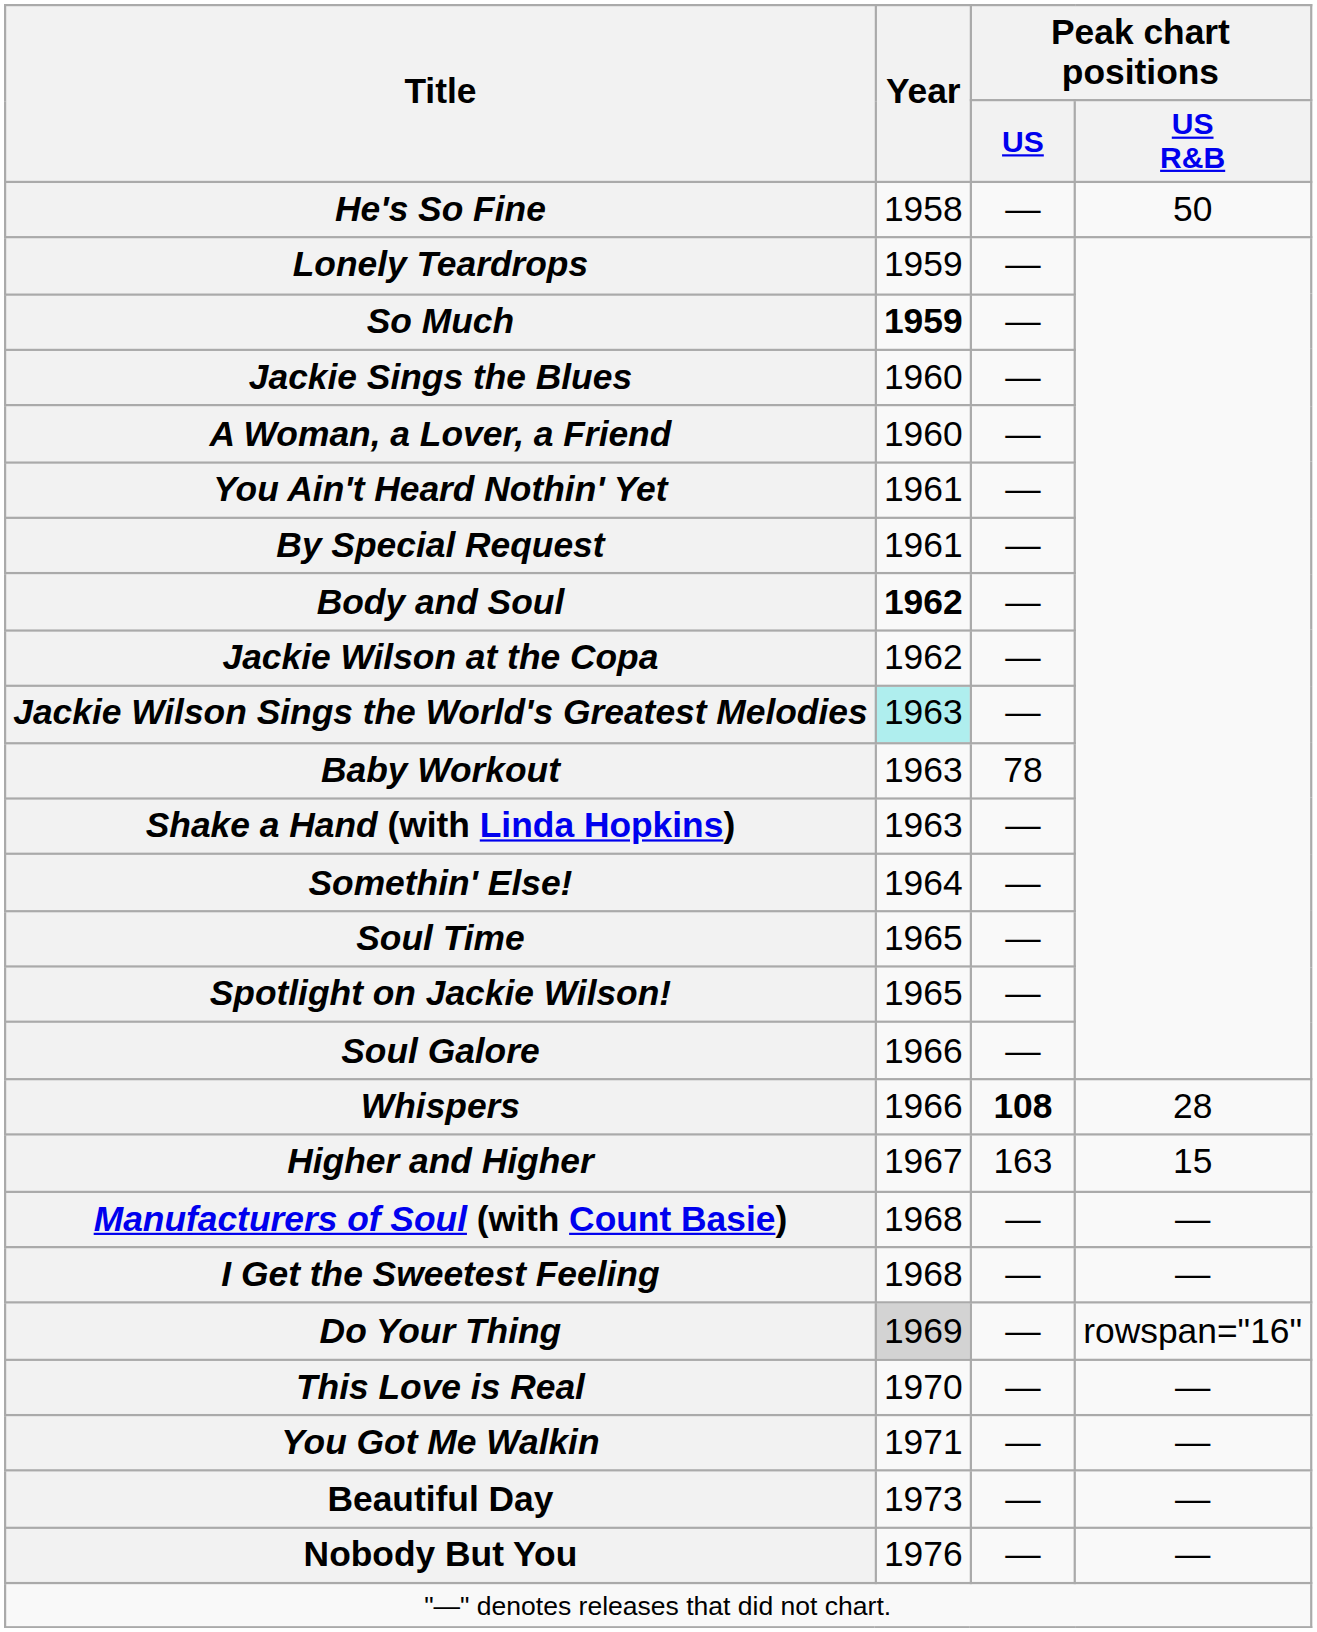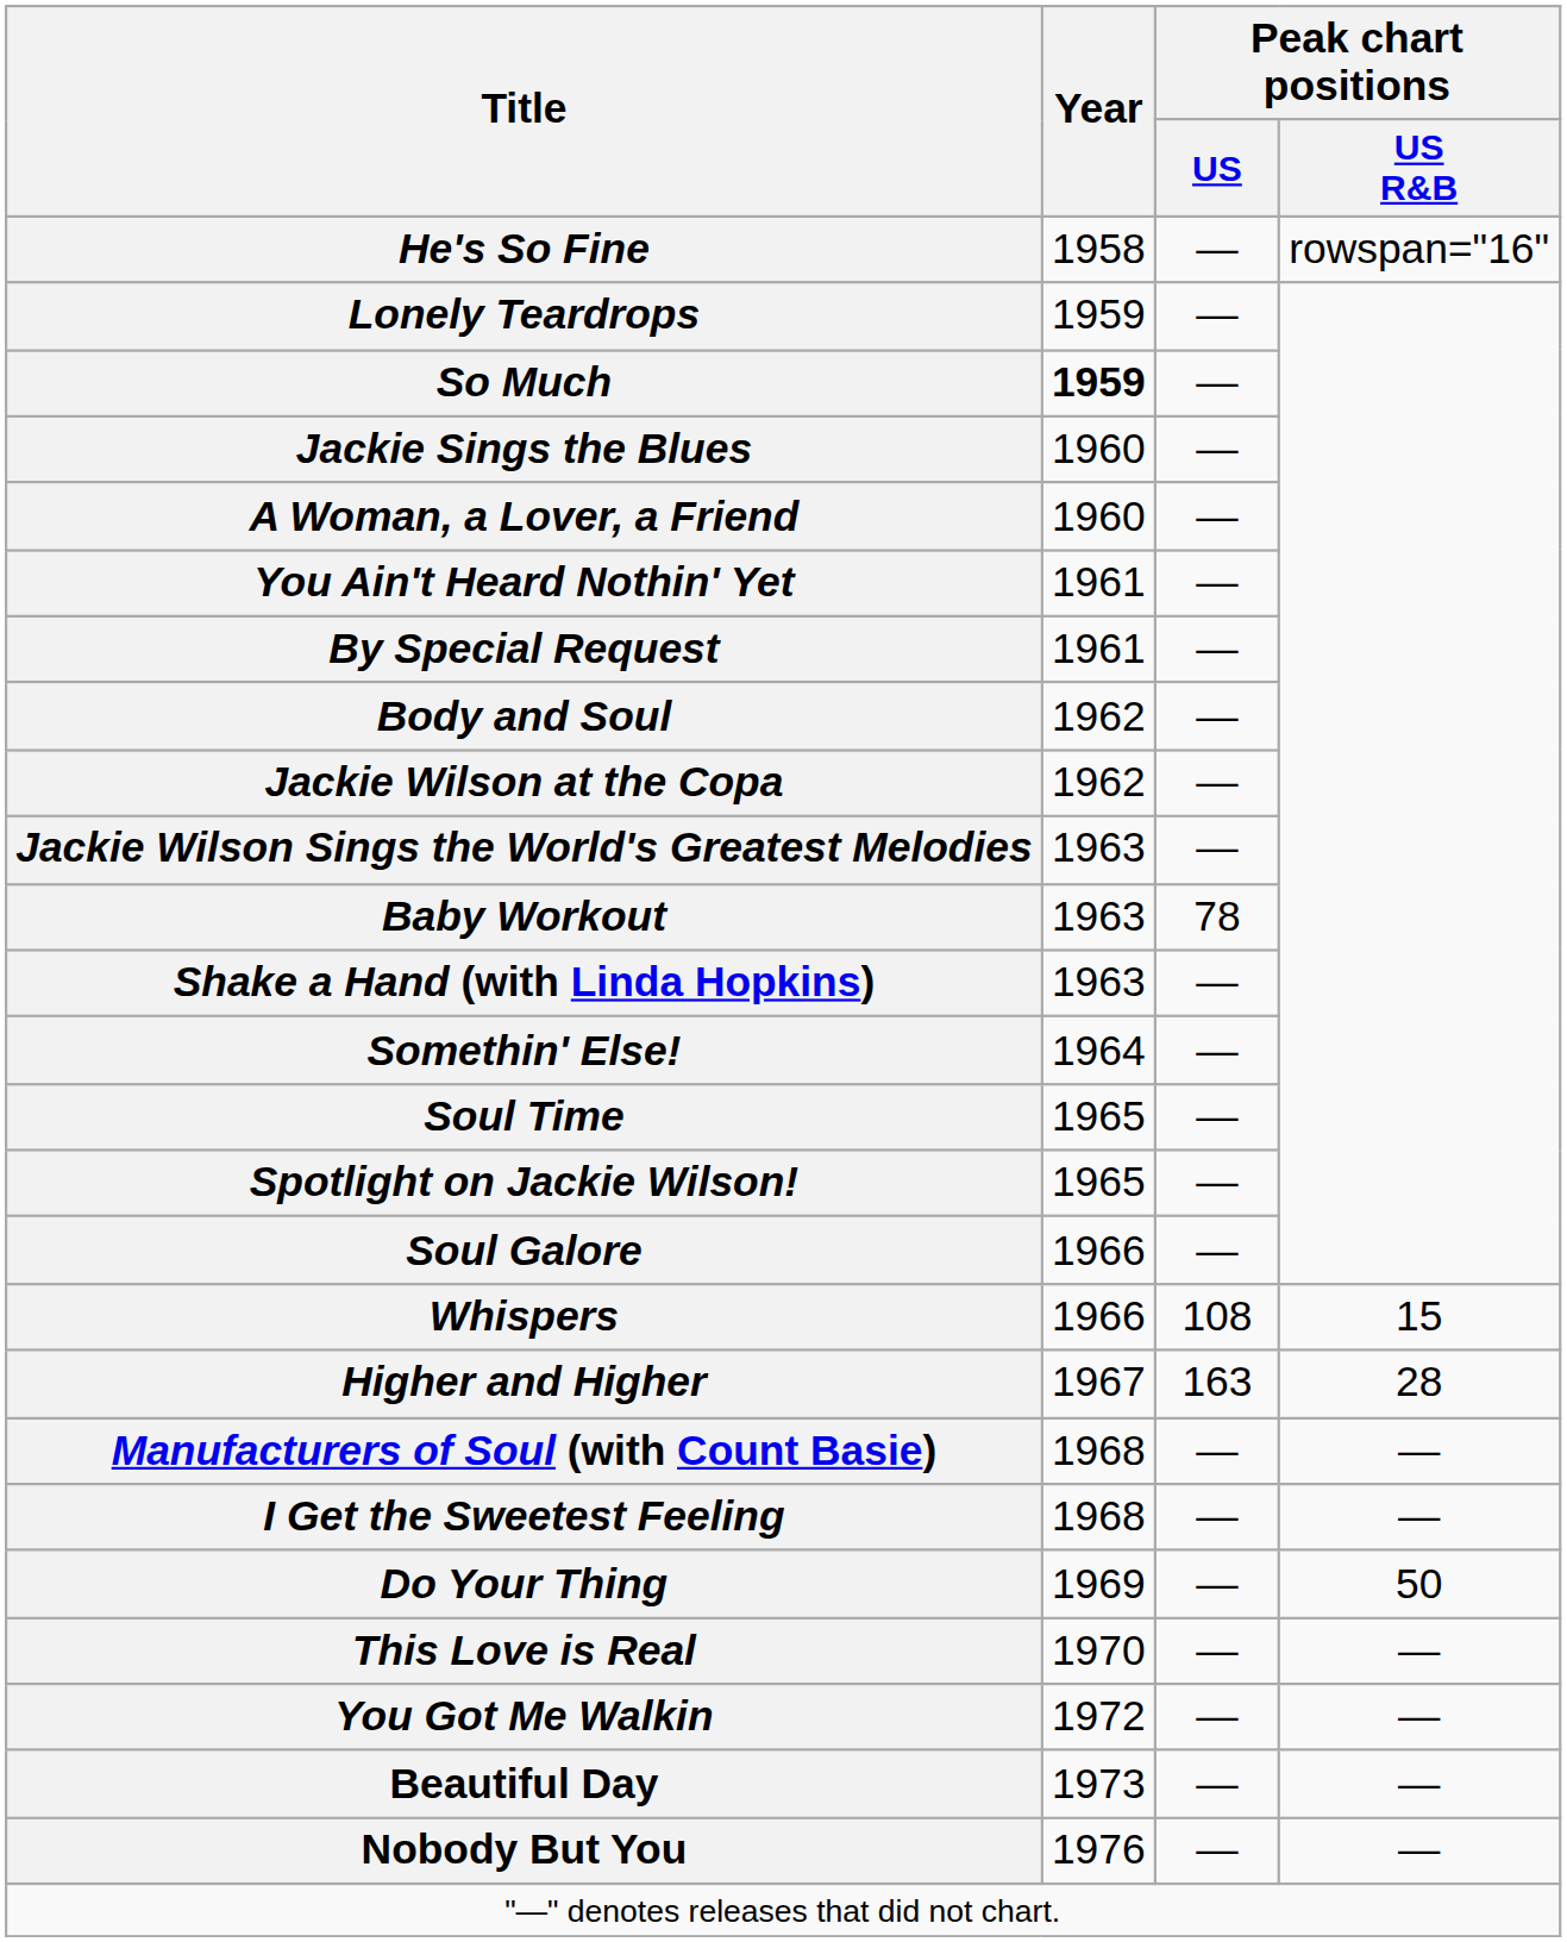 <table class="wikitable plainrowheaders" style="text-align:center;">
 <tr>
 <th rowspan="2">Title</th>
 <th rowspan="2">Year</th>
 <th colspan="2">Peak chart positions</th>
 </tr>
 <tr>
 <th style="width:3em;font-size:85%"><a href='#'>US</a><br></th>
 <th style="width:3em;font-size:85%"><a href='#'>US<br>R&B</a><br></th>
 </tr>
 <tr>
 <th scope="row"><em>He's So Fine</em></th>
 <td>1958</td>
 <td>—</td>
-<td>50</td>
+<td>rowspan="16" </td>
 </tr>
 <tr>
 <th scope="row"><em>Lonely Teardrops</em></th>
 <td>1959</td>
 <td>—</td>
 </tr>
 <tr>
 <th scope="row"><em>So Much</em></th>
 <td><strong>1959</strong></td>
 <td>—</td>
 </tr>
 <tr>
 <th scope="row"><em>Jackie Sings the Blues</em></th>
 <td>1960</td>
 <td>—</td>
 </tr>
 <tr>
 <th scope="row"><em>A Woman, a Lover, a Friend</em></th>
 <td>1960</td>
 <td>—</td>
 </tr>
 <tr>
 <th scope="row"><em>You Ain't Heard Nothin' Yet</em></th>
 <td>1961</td>
 <td>—</td>
 </tr>
 <tr>
 <th scope="row"><em>By Special Request</em></th>
 <td>1961</td>
 <td>—</td>
 </tr>
 <tr>
 <th scope="row"><em>Body and Soul</em></th>
-<td><strong>1962</strong></td>
+<td>1962</td>
 <td>—</td>
 </tr>
 <tr>
 <th scope="row"><em>Jackie Wilson at the Copa</em></th>
 <td>1962</td>
 <td>—</td>
 </tr>
 <tr>
 <th scope="row"><em>Jackie Wilson Sings the World's Greatest Melodies</em></th>
-<td style="background: paleturquoise;">1963</td>
+<td>1963</td>
 <td>—</td>
 </tr>
 <tr>
 <th scope="row"><em>Baby Workout</em></th>
 <td>1963</td>
 <td>78</td>
 </tr>
 <tr>
 <th scope="row"><em>Shake a Hand</em> (with <a href='#'>Linda Hopkins</a>)</th>
 <td>1963</td>
 <td>—</td>
 </tr>
 <tr>
 <th scope="row"><em>Somethin' Else!</em></th>
 <td>1964</td>
 <td>—</td>
 </tr>
 <tr>
 <th scope="row"><em>Soul Time</em></th>
 <td>1965</td>
 <td>—</td>
 </tr>
 <tr>
 <th scope="row"><em>Spotlight on Jackie Wilson!</em></th>
 <td>1965</td>
 <td>—</td>
 </tr>
 <tr>
 <th scope="row"><em>Soul Galore</em></th>
 <td>1966</td>
 <td>—</td>
 </tr>
 <tr>
 <th scope="row"><em>Whispers</em></th>
 <td>1966</td>
-<td><strong>108</strong></td>
-<td>28</td>
+<td>108</td>
+<td>15</td>
 </tr>
 <tr>
 <th scope="row"><em>Higher and Higher</em></th>
 <td>1967</td>
 <td>163</td>
-<td>15</td>
+<td>28</td>
 </tr>
 <tr>
 <th scope="row"><em><a href='#'>Manufacturers of Soul</a></em> (with <a href='#'>Count Basie</a>)</th>
 <td>1968</td>
 <td>—</td>
 <td>—</td>
 </tr>
 <tr>
 <th scope="row"><em>I Get the Sweetest Feeling</em></th>
 <td>1968</td>
 <td>—</td>
 <td>—</td>
 </tr>
 <tr>
 <th scope="row"><em>Do Your Thing</em></th>
-<td style="background: lightgrey;">1969</td>
+<td>1969</td>
 <td>—</td>
-<td>rowspan="16" </td>
+<td>50</td>
 </tr>
 <tr>
 <th scope="row"><em>This Love is Real</em></th>
 <td>1970</td>
 <td>—</td>
 <td>—</td>
 </tr>
 <tr>
 <th scope="row"><em>You Got Me Walkin<strong></th>
-<td>1971</td>
+<td>1972</td>
 <td>—</td>
 <td>—</td>
 </tr>
 <tr>
 <th scope="row"></em>Beautiful Day<em></th>
 <td>1973</td>
 <td>—</td>
 <td>—</td>
 </tr>
 <tr>
 <th scope="row"></em>Nobody But You<em></th>
 <td>1976</td>
 <td>—</td>
 <td>—</td>
 </tr>
 <tr>
 <td colspan="7" style="text-align:center; font-size:9pt;">"—" denotes releases that did not chart.</td>
 </tr>
 </table>
